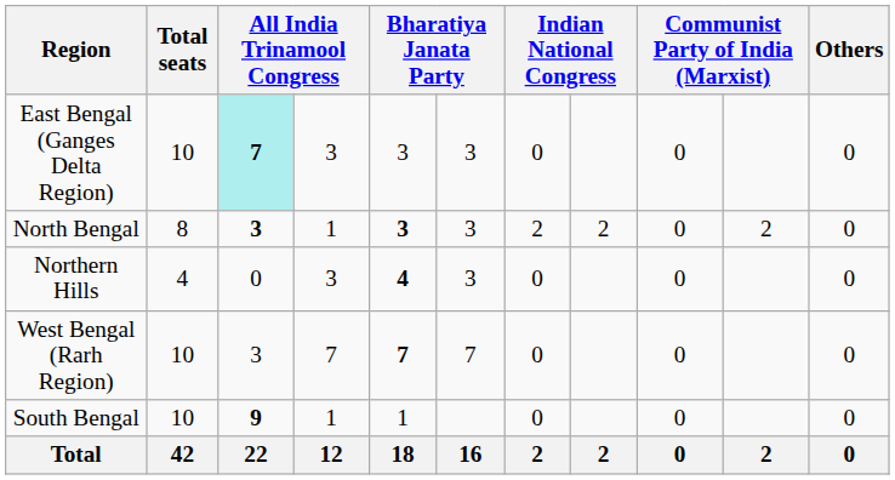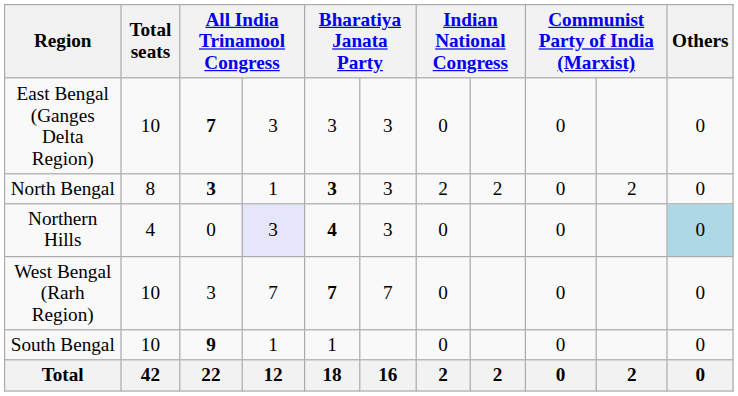 <table class="wikitable sortable" style="text-align:center;">
 <tr>
 <th>Region</th>
 <th>Total seats</th>
 <th colspan="2"><a href='#'>All India Trinamool Congress</a></th>
 <th colspan="2"><a href='#'>Bharatiya Janata Party</a></th>
 <th colspan="2"><a href='#'>Indian National Congress</a></th>
 <th colspan="2"><a href='#'>Communist Party of India (Marxist)</a></th>
 <th>Others</th>
 </tr>
 <tr>
 <td>East Bengal (Ganges Delta Region)</td>
 <td>10</td>
-<td style="background: paleturquoise;"><strong>7</strong></td>
+<td><strong>7</strong></td>
 <td> 3</td>
 <td>3</td>
 <td> 3</td>
 <td>0</td>
 <td></td>
 <td>0</td>
 <td></td>
 <td>0</td>
 </tr>
 <tr>
 <td>North Bengal</td>
 <td>8</td>
 <td><strong>3</strong></td>
 <td> 1</td>
 <td><strong>3</strong></td>
 <td> 3</td>
 <td>2</td>
 <td> 2</td>
 <td>0</td>
 <td> 2</td>
 <td>0</td>
 </tr>
 <tr>
 <td>Northern Hills</td>
 <td>4</td>
 <td>0</td>
-<td> 3</td>
+<td style="background: lavender;"> 3</td>
 <td><strong>4</strong></td>
 <td> 3</td>
 <td>0</td>
 <td></td>
 <td>0</td>
 <td></td>
-<td>0</td>
+<td style="background: lightblue;">0</td>
 </tr>
 <tr>
 <td>West Bengal (Rarh Region)</td>
 <td>10</td>
 <td>3</td>
 <td> 7</td>
 <td><strong>7</strong></td>
 <td> 7</td>
 <td>0</td>
 <td></td>
 <td>0</td>
 <td></td>
 <td>0</td>
 </tr>
 <tr>
 <td>South Bengal</td>
 <td>10</td>
 <td><strong>9</strong></td>
 <td> 1</td>
 <td>1</td>
 <td></td>
 <td>0</td>
 <td></td>
 <td>0</td>
 <td></td>
 <td>0</td>
 </tr>
 <tr>
 <th><strong>Total</strong></th>
 <th>42</th>
 <th>22</th>
 <th> 12</th>
 <th>18</th>
 <th> 16</th>
 <th>2</th>
 <th> 2</th>
 <th>0</th>
 <th> 2</th>
 <th>0</th>
 </tr>
 </table>
